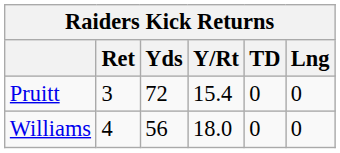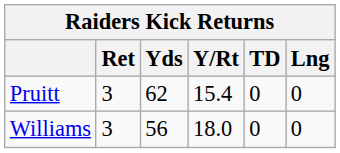 <table class="wikitable">
 <tr>
 <th colspan="6">Raiders Kick Returns</th>
 </tr>
 <tr>
 <th></th>
 <th>Ret</th>
 <th>Yds</th>
 <th>Y/Rt</th>
 <th>TD</th>
 <th>Lng</th>
 </tr>
 <tr>
 <td><a href='#'>Pruitt</a></td>
 <td>3</td>
-<td>72</td>
+<td>62</td>
 <td>15.4</td>
 <td>0</td>
 <td>0</td>
 </tr>
 <tr>
 <td><a href='#'>Williams</a></td>
-<td>4</td>
+<td>3</td>
 <td>56</td>
 <td>18.0</td>
 <td>0</td>
 <td>0</td>
 </tr>
 </table>
